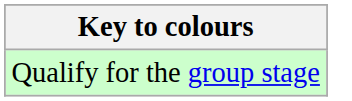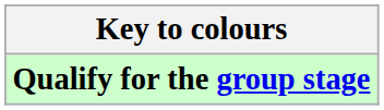 <table class="wikitable">
 <tr>
 <th>Key to colours</th>
 </tr>
 <tr bgcolor=#ccffcc>
-<td>Qualify for the <a href='#'>group stage</a></td>
+<td><strong>Qualify for the <a href='#'>group stage</a></strong></td>
 </tr>
 </table>
